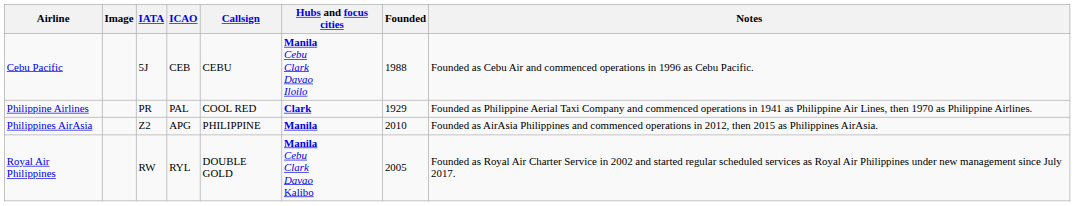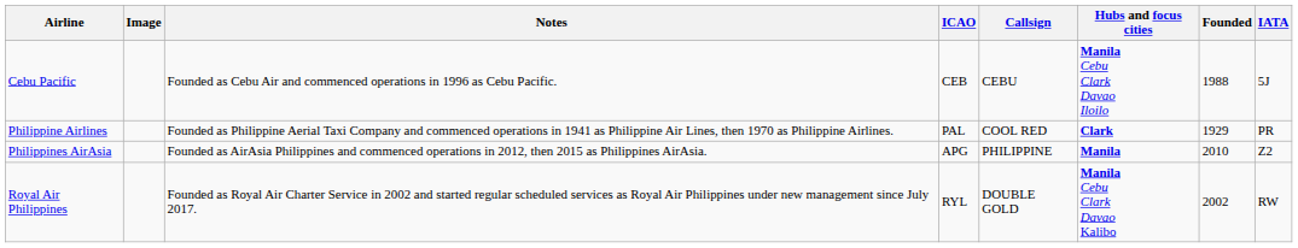 <table class="wikitable" style="border: 0; cellpadding: 2; cellspacing: 3;">
 <tr style="vertical-align:middle;">
 <th>Airline</th>
 <th>Image</th>
-<th><a href='#'>IATA</a></th>
+<th>Notes</th>
 <th><a href='#'>ICAO</a></th>
 <th><a href='#'>Callsign</a></th>
 <th><a href='#'>Hubs</a> and <a href='#'>focus cities</a></th>
 <th>Founded</th>
-<th>Notes</th>
+<th><a href='#'>IATA</a></th>
 </tr>
 <tr>
 <td><a href='#'>Cebu Pacific</a></td>
 <td></td>
-<td>5J</td>
+<td>Founded as Cebu Air and commenced operations in 1996 as Cebu Pacific.</td>
 <td>CEB</td>
 <td>CEBU</td>
 <td><strong><a href='#'>Manila</a></strong><br><em><a href='#'>Cebu</a></em><br><em><a href='#'>Clark</a></em><br><em><a href='#'>Davao</a></em><br><em><a href='#'>Iloilo</a></em></td>
 <td>1988</td>
-<td>Founded as Cebu Air and commenced operations in 1996 as Cebu Pacific.</td>
+<td>5J</td>
 </tr>
 <tr>
 <td><a href='#'>Philippine Airlines</a></td>
 <td></td>
-<td>PR</td>
+<td>Founded as Philippine Aerial Taxi Company and commenced operations in 1941 as Philippine Air Lines, then 1970 as Philippine Airlines.</td>
 <td>PAL</td>
 <td>COOL RED</td>
 <td><strong><a href='#'>Clark</a></strong></td>
 <td>1929</td>
-<td>Founded as Philippine Aerial Taxi Company and commenced operations in 1941 as Philippine Air Lines, then 1970 as Philippine Airlines.</td>
+<td>PR</td>
 </tr>
 <tr>
 <td><a href='#'>Philippines AirAsia</a></td>
 <td></td>
-<td>Z2</td>
+<td>Founded as AirAsia Philippines and commenced operations in 2012, then 2015 as Philippines AirAsia.</td>
 <td>APG</td>
 <td>PHILIPPINE</td>
 <td><strong><a href='#'>Manila</a></strong><br></td>
 <td>2010</td>
-<td>Founded as AirAsia Philippines and commenced operations in 2012, then 2015 as Philippines AirAsia.</td>
+<td>Z2</td>
 </tr>
 <tr>
 <td><a href='#'>Royal Air Philippines</a></td>
 <td></td>
-<td>RW</td>
+<td>Founded as Royal Air Charter Service in 2002 and started regular scheduled services as Royal Air Philippines under new management since July 2017.</td>
 <td>RYL</td>
 <td>DOUBLE GOLD</td>
 <td><strong><a href='#'>Manila</a></strong><br><em><a href='#'>Cebu</a></em><br><em><a href='#'>Clark</a></em><br><em><a href='#'>Davao</a></em><br><a href='#'>Kalibo</a></td>
-<td>2005</td>
-<td>Founded as Royal Air Charter Service in 2002 and started regular scheduled services as Royal Air Philippines under new management since July 2017.</td>
+<td>2002</td>
+<td>RW</td>
 </tr>
 </table>
